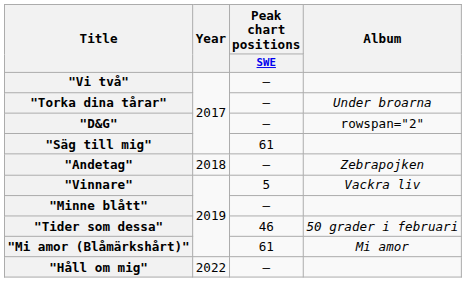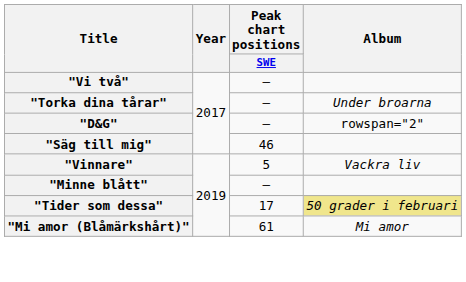 <table class="wikitable plainrowheaders" style="text-align:center;">
 <tr>
 <th scope="col" rowspan="2">Title</th>
 <th scope="col" rowspan="2">Year</th>
 <th scope="col" colspan="1">Peak chart positions</th>
 <th scope="col" rowspan="2">Album</th>
 </tr>
 <tr>
 <th scope="col" style="width:3em;font-size:85%;"><a href='#'>SWE</a><br></th>
 </tr>
 <tr>
 <th scope="row">"Vi två"<br></th>
 <td rowspan="4">2017</td>
 <td>—</td>
 <td></td>
 </tr>
 <tr>
 <th scope="row">"Torka dina tårar"<br></th>
 <td>—</td>
 <td><em>Under broarna</em></td>
 </tr>
 <tr>
 <th scope="row">"D&G"<br></th>
 <td>—</td>
 <td>rowspan="2"</td>
 </tr>
 <tr>
 <th scope="row">"Säg till mig"<br></th>
-<td>61<br></td>
-</tr>
-<tr>
-<th scope="row">"Andetag"<br></th>
-<td>2018</td>
-<td>—</td>
-<td><em>Zebrapojken</em></td>
+<td>46<br></td>
 </tr>
 <tr>
 <th scope="row">"Vinnare"<br></th>
 <td rowspan="4">2019</td>
 <td>5<br></td>
 <td><em>Vackra liv</em></td>
 </tr>
 <tr>
 <th scope="row">"Minne blått"<br></th>
 <td>—</td>
 <td></td>
 </tr>
 <tr>
 <th scope="row">"Tider som dessa"<br></th>
-<td>46<br></td>
-<td><em>50 grader i februari</em></td>
+<td>17<br></td>
+<td style="background: khaki;"><em>50 grader i februari</em></td>
 </tr>
 <tr>
 <th scope="row">"Mi amor (Blåmärkshårt)"<br></th>
 <td>61<br></td>
 <td><em>Mi amor</em></td>
 </tr>
-<tr>
-<th scope="row">"Håll om mig"<br></th>
-<td>2022</td>
-<td>—</td>
-<td></td>
-</tr>
 </table>
